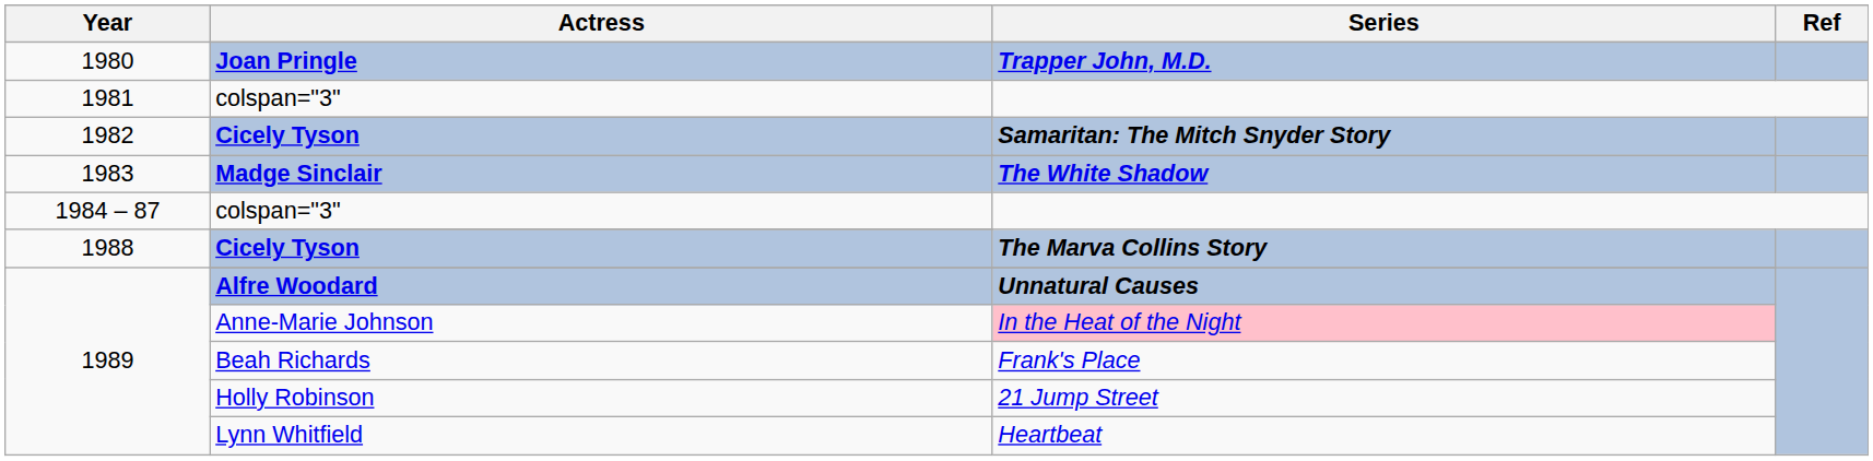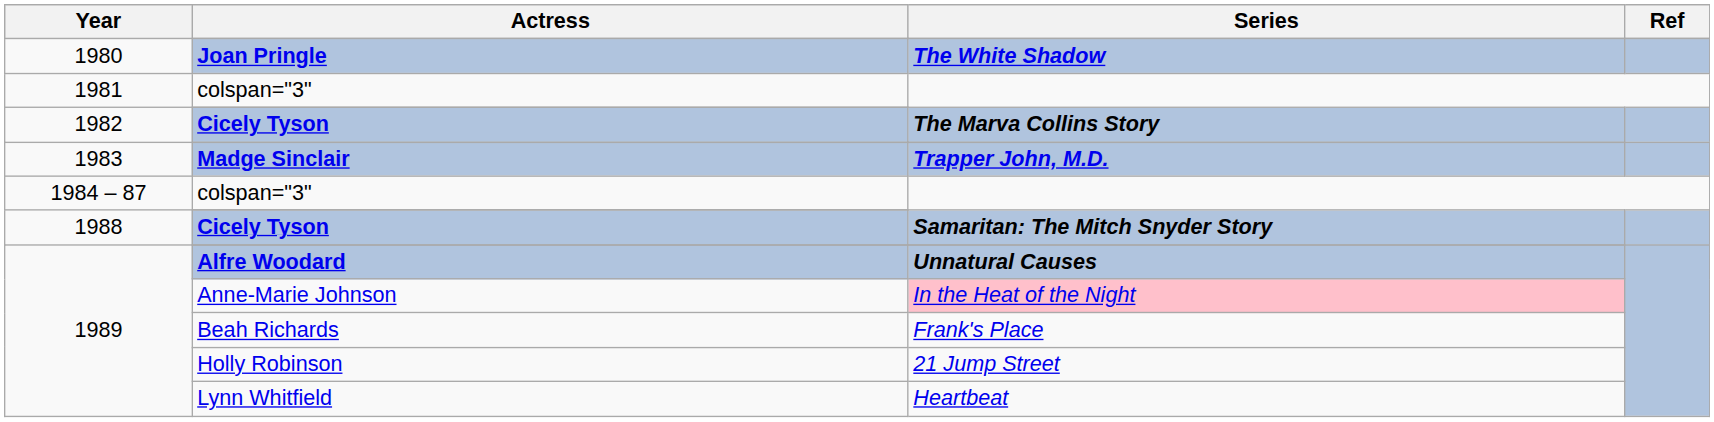 <table class="wikitable" style="width:100%;">
 <tr style="background:#bebebe;">
 <th style="width:11%;">Year</th>
 <th style="width:42%;">Actress</th>
 <th style="width:42%;">Series</th>
 <th style="width:5%;">Ref</th>
 </tr>
 <tr>
 <td rowspan="2" align="center">1980</td>
 </tr>
 <tr style="background:#B0C4DE">
 <td><strong><a href='#'>Joan Pringle</a></strong></td>
-<td><strong><em><a href='#'>Trapper John, M.D.</a></em></strong></td>
+<td><strong><em><a href='#'>The White Shadow</a></em></strong></td>
 <td align="center"></td>
 </tr>
 <tr>
 <td align="center">1981</td>
 <td>colspan="3" </td>
 </tr>
 <tr>
 <td rowspan="2" align="center">1982</td>
 </tr>
 <tr style="background:#B0C4DE">
 <td><strong><a href='#'>Cicely Tyson</a></strong></td>
-<td><strong><em>Samaritan: The Mitch Snyder Story</em></strong></td>
+<td><strong><em>The Marva Collins Story</em></strong></td>
 <td rowspan="2" align="center"></td>
 </tr>
 <tr>
 <td rowspan="2" align="center">1983</td>
 </tr>
 <tr style="background:#B0C4DE">
 <td><strong><a href='#'>Madge Sinclair</a></strong></td>
-<td><strong><em><a href='#'>The White Shadow</a></em></strong></td>
+<td><strong><em><a href='#'>Trapper John, M.D.</a></em></strong></td>
 <td align="center"></td>
 </tr>
 <tr>
 <td align="center">1984 – 87</td>
 <td>colspan="3" </td>
 </tr>
 <tr>
 <td rowspan="2" align="center">1988</td>
 </tr>
 <tr style="background:#B0C4DE">
 <td><strong><a href='#'>Cicely Tyson</a></strong></td>
-<td><strong><em>The Marva Collins Story</em></strong></td>
+<td><strong><em>Samaritan: The Mitch Snyder Story</em></strong></td>
 <td rowspan="2" align="center"></td>
 </tr>
 <tr>
 <td rowspan="6" align="center">1989</td>
 </tr>
 <tr style="background:#B0C4DE">
 <td><strong><a href='#'>Alfre Woodard</a></strong></td>
 <td><strong><em>Unnatural Causes</em></strong></td>
 <td rowspan="6" align="center"></td>
 </tr>
 <tr>
 <td><a href='#'>Anne-Marie Johnson</a></td>
 <td style="background: pink;"><em><a href='#'>In the Heat of the Night</a></em></td>
 </tr>
 <tr>
 <td><a href='#'>Beah Richards</a></td>
 <td><em><a href='#'>Frank's Place</a></em></td>
 </tr>
 <tr>
 <td><a href='#'>Holly Robinson</a></td>
 <td><em><a href='#'>21 Jump Street</a></em></td>
 </tr>
 <tr>
 <td><a href='#'>Lynn Whitfield</a></td>
 <td><em><a href='#'>Heartbeat</a></em></td>
 </tr>
 </table>
